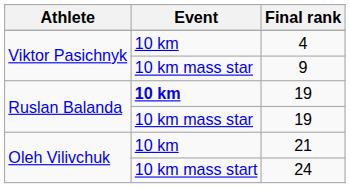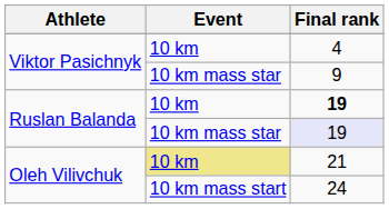 <table class="wikitable" style="font-size:90%">
 <tr>
 <th>Athlete</th>
 <th>Event</th>
 <th>Final rank</th>
 </tr>
 <tr style="font-size:95%">
 </tr>
 <tr align=center>
 <td align=left rowspan=2><a href='#'>Viktor Pasichnyk</a></td>
 <td align=left><a href='#'>10 km</a></td>
 <td>4</td>
 </tr>
 <tr align=center>
 <td align=left><a href='#'>10 km mass star</a></td>
 <td>9</td>
 </tr>
 <tr align=center>
 <td align=left rowspan=2><a href='#'>Ruslan Balanda</a></td>
-<td align=left><strong><a href='#'>10 km</a></strong></td>
-<td>19</td>
+<td align=left><a href='#'>10 km</a></td>
+<td><strong>19</strong></td>
 </tr>
 <tr align=center>
 <td align=left><a href='#'>10 km mass star</a></td>
-<td>19</td>
+<td style="background: lavender;">19</td>
 </tr>
 <tr align=center>
 <td align=left rowspan=2><a href='#'>Oleh Vilivchuk</a></td>
-<td align=left><a href='#'>10 km</a></td>
+<td align=left style="background: khaki;"><a href='#'>10 km</a></td>
 <td>21</td>
 </tr>
 <tr align=center>
 <td align=left><a href='#'>10 km mass start</a></td>
 <td>24</td>
 </tr>
 </table>
